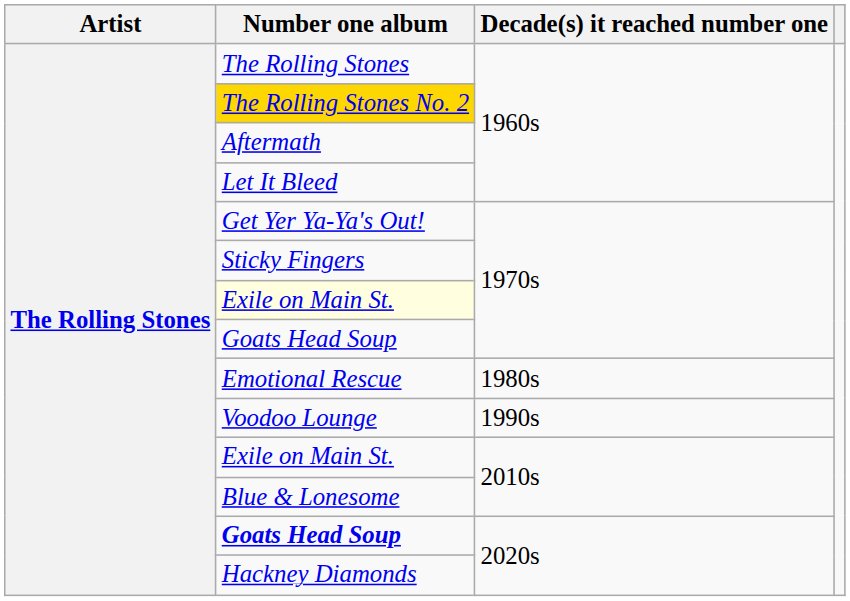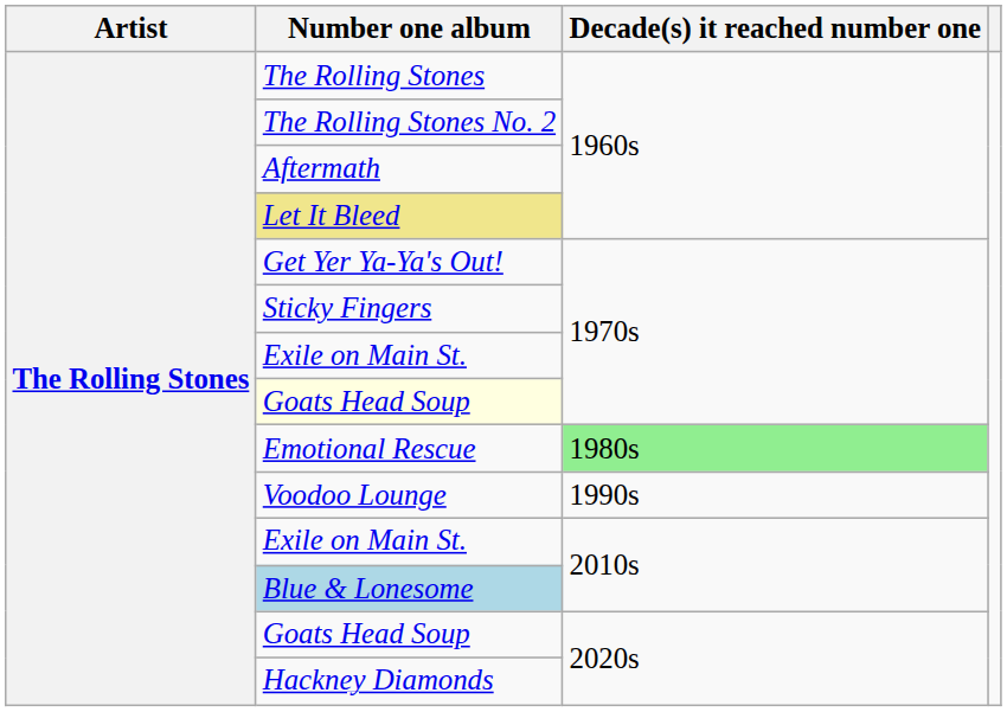 <table class="wikitable plainrowheaders">
 <tr>
 <th>Artist</th>
 <th>Number one album</th>
 <th>Decade(s) it reached number one</th>
 <th></th>
 </tr>
 <tr>
 <th scope=row rowspan=14><a href='#'>The Rolling Stones</a></th>
 <td><em><a href='#'>The Rolling Stones</a></em></td>
 <td rowspan=4>1960s</td>
 <td rowspan=14></td>
 </tr>
 <tr>
-<td style="background: gold;"><em><a href='#'>The Rolling Stones No. 2</a></em></td>
+<td><em><a href='#'>The Rolling Stones No. 2</a></em></td>
 </tr>
 <tr>
 <td><em><a href='#'>Aftermath</a></em></td>
 </tr>
 <tr>
-<td><em><a href='#'>Let It Bleed</a></em></td>
+<td style="background: khaki;"><em><a href='#'>Let It Bleed</a></em></td>
 </tr>
 <tr>
 <td><em><a href='#'>Get Yer Ya-Ya's Out!</a></em></td>
 <td rowspan=4>1970s</td>
 </tr>
 <tr>
 <td><em><a href='#'>Sticky Fingers</a></em></td>
 </tr>
 <tr>
-<td style="background: lightyellow;"><em><a href='#'>Exile on Main St.</a></em></td>
+<td><em><a href='#'>Exile on Main St.</a></em></td>
 </tr>
 <tr>
-<td><em><a href='#'>Goats Head Soup</a></em></td>
+<td style="background: lightyellow;"><em><a href='#'>Goats Head Soup</a></em></td>
 </tr>
 <tr>
 <td><em><a href='#'>Emotional Rescue</a></em></td>
-<td>1980s</td>
+<td style="background: lightgreen;">1980s</td>
 </tr>
 <tr>
 <td><em><a href='#'>Voodoo Lounge</a></em></td>
 <td>1990s</td>
 </tr>
 <tr>
 <td><em><a href='#'>Exile on Main St.</a></em></td>
 <td rowspan=2>2010s</td>
 </tr>
 <tr>
-<td><em><a href='#'>Blue & Lonesome</a></em></td>
+<td style="background: lightblue;"><em><a href='#'>Blue & Lonesome</a></em></td>
 </tr>
 <tr>
-<td><strong><em><a href='#'>Goats Head Soup</a></em></strong></td>
+<td><em><a href='#'>Goats Head Soup</a></em></td>
 <td rowspan=2>2020s</td>
 </tr>
 <tr>
 <td><em><a href='#'>Hackney Diamonds</a></em></td>
 </tr>
 </table>
